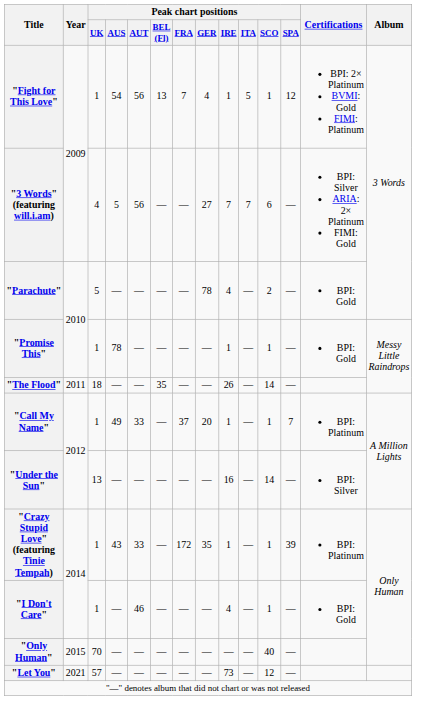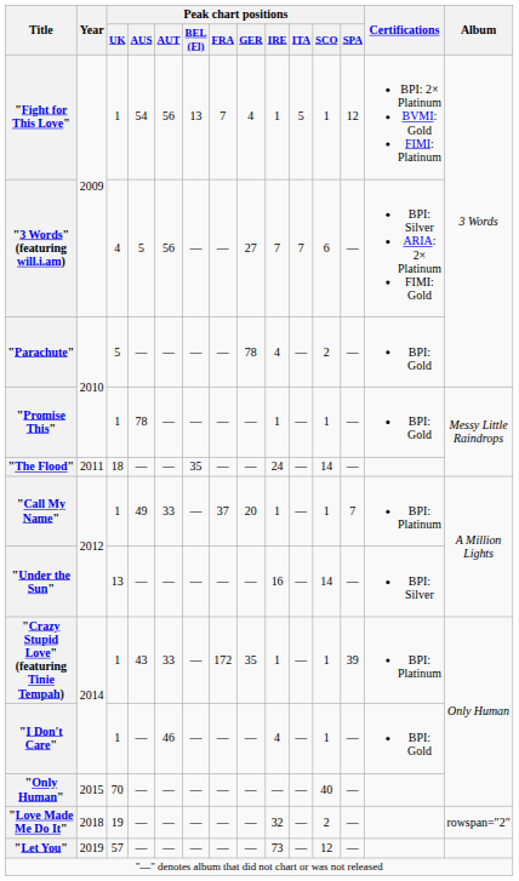 <table class="wikitable plainrowheaders" style="text-align:center;">
 <tr>
 <th scope="col" rowspan="2" style="width:18em;">Title</th>
 <th scope="col" rowspan="2">Year</th>
 <th scope="col" colspan="10">Peak chart positions</th>
 <th scope="col" rowspan="2" style="width:12em;"><a href='#'>Certifications</a></th>
 <th scope="col" rowspan="2">Album</th>
 </tr>
 <tr>
 <th scope="col" style="width:3em;font-size:90%;"><a href='#'>UK</a><br></th>
 <th scope="col" style="width:3em;font-size:90%;"><a href='#'>AUS</a><br></th>
 <th scope="col" style="width:3em;font-size:90%;"><a href='#'>AUT</a><br></th>
 <th scope="col" style="width:3em;font-size:90%;"><a href='#'>BEL<br>(Fl)</a><br></th>
 <th scope="col" style="width:3em;font-size:90%;"><a href='#'>FRA</a><br></th>
 <th scope="col" style="width:3em;font-size:90%;"><a href='#'>GER</a><br></th>
 <th scope="col" style="width:3em;font-size:90%;"><a href='#'>IRE</a><br></th>
 <th scope="col" style="width:3em;font-size:90%;"><a href='#'>ITA</a><br></th>
 <th scope="col" style="width:3em;font-size:90%;"><a href='#'>SCO</a><br></th>
 <th scope="col" style="width:3em;font-size:90%;"><a href='#'>SPA</a><br></th>
 </tr>
 <tr>
 <th scope="row">"<a href='#'>Fight for This Love</a>"</th>
 <td rowspan="2">2009</td>
 <td>1</td>
 <td>54</td>
 <td>56</td>
 <td>13</td>
 <td>7</td>
 <td>4</td>
 <td>1</td>
 <td>5</td>
 <td>1</td>
 <td>12</td>
 <td><br><ul><li>BPI: 2× Platinum</li><li><a href='#'>BVMI</a>: Gold</li><li><a href='#'>FIMI</a>: Platinum</li></ul></td>
 <td rowspan="3"><em>3 Words</em></td>
 </tr>
 <tr>
 <th scope="row">"<a href='#'>3 Words</a>" <br> <span>(featuring <a href='#'>will.i.am</a>)</span></th>
 <td>4</td>
 <td>5</td>
 <td>56</td>
 <td>—</td>
 <td>—</td>
 <td>27</td>
 <td>7</td>
 <td>7</td>
 <td>6</td>
 <td>—</td>
 <td><br><ul><li>BPI: Silver</li><li><a href='#'>ARIA</a>: 2× Platinum</li><li>FIMI: Gold</li></ul></td>
 </tr>
 <tr>
 <th scope="row">"<a href='#'>Parachute</a>"</th>
 <td rowspan="2">2010</td>
 <td>5</td>
 <td>—</td>
 <td>—</td>
 <td>—</td>
 <td>—</td>
 <td>78</td>
 <td>4</td>
 <td>—</td>
 <td>2</td>
 <td>—</td>
 <td><br><ul><li>BPI: Gold</li></ul></td>
 </tr>
 <tr>
 <th scope="row">"<a href='#'>Promise This</a>"</th>
 <td>1</td>
 <td>78</td>
 <td>—</td>
 <td>—</td>
 <td>—</td>
 <td>—</td>
 <td>1</td>
 <td>—</td>
 <td>1</td>
 <td>—</td>
 <td><br><ul><li>BPI: Gold</li></ul></td>
 <td rowspan="2"><em>Messy Little Raindrops</em></td>
 </tr>
 <tr>
 <th scope="row">"<a href='#'>The Flood</a>"</th>
 <td>2011</td>
 <td>18</td>
 <td>—</td>
 <td>—</td>
 <td>35</td>
 <td>—</td>
 <td>—</td>
-<td>26</td>
+<td>24</td>
 <td>—</td>
 <td>14</td>
 <td>—</td>
 <td></td>
 </tr>
 <tr>
 <th scope="row">"<a href='#'>Call My Name</a>"</th>
 <td rowspan="2">2012</td>
 <td>1</td>
 <td>49</td>
 <td>33</td>
 <td>—</td>
 <td>37</td>
 <td>20</td>
 <td>1</td>
 <td>—</td>
 <td>1</td>
 <td>7</td>
 <td><br><ul><li>BPI: Platinum</li></ul></td>
 <td rowspan="2"><em>A Million Lights</em></td>
 </tr>
 <tr>
 <th scope="row">"<a href='#'>Under the Sun</a>"</th>
 <td>13</td>
 <td>—</td>
 <td>—</td>
 <td>—</td>
 <td>—</td>
 <td>—</td>
 <td>16</td>
 <td>—</td>
 <td>14</td>
 <td>—</td>
 <td><br><ul><li>BPI: Silver</li></ul></td>
 </tr>
 <tr>
 <th scope="row">"<a href='#'>Crazy Stupid Love</a>" <br> <span>(featuring <a href='#'>Tinie Tempah</a>)</span></th>
 <td rowspan="2">2014</td>
 <td>1</td>
 <td>43</td>
 <td>33</td>
 <td>—</td>
 <td>172</td>
 <td>35</td>
 <td>1</td>
 <td>—</td>
 <td>1</td>
 <td>39</td>
 <td><br><ul><li>BPI: Platinum</li></ul></td>
 <td rowspan="3"><em>Only Human</em></td>
 </tr>
 <tr>
 <th scope="row">"<a href='#'>I Don't Care</a>"</th>
 <td>1</td>
 <td>—</td>
 <td>46</td>
 <td>—</td>
 <td>—</td>
 <td>—</td>
 <td>4</td>
 <td>—</td>
 <td>1</td>
 <td>—</td>
 <td><br><ul><li>BPI: Gold</li></ul></td>
 </tr>
 <tr>
 <th scope="row">"<a href='#'>Only Human</a>"</th>
 <td>2015</td>
 <td>70</td>
 <td>—</td>
 <td>—</td>
 <td>—</td>
 <td>—</td>
 <td>—</td>
 <td>—</td>
 <td>—</td>
 <td>40</td>
 <td>—</td>
 <td></td>
 </tr>
 <tr>
+<th scope="row">"<a href='#'>Love Made Me Do It</a>"</th>
+<td>2018</td>
+<td>19</td>
+<td>—</td>
+<td>—</td>
+<td>—</td>
+<td>—</td>
+<td>—</td>
+<td>32</td>
+<td>—</td>
+<td>2</td>
+<td>—</td>
+<td></td>
+<td>rowspan="2" </td>
+</tr>
+<tr>
 <th scope="row">"<a href='#'>Let You</a>"</th>
-<td>2021</td>
+<td>2019</td>
 <td>57</td>
 <td>—</td>
 <td>—</td>
 <td>—</td>
 <td>—</td>
 <td>—</td>
 <td>73</td>
 <td>—</td>
 <td>12</td>
 <td>—</td>
 <td></td>
 </tr>
 <tr>
 <td colspan="14" style="font-size:90%">"—" denotes album that did not chart or was not released</td>
 </tr>
 </table>
